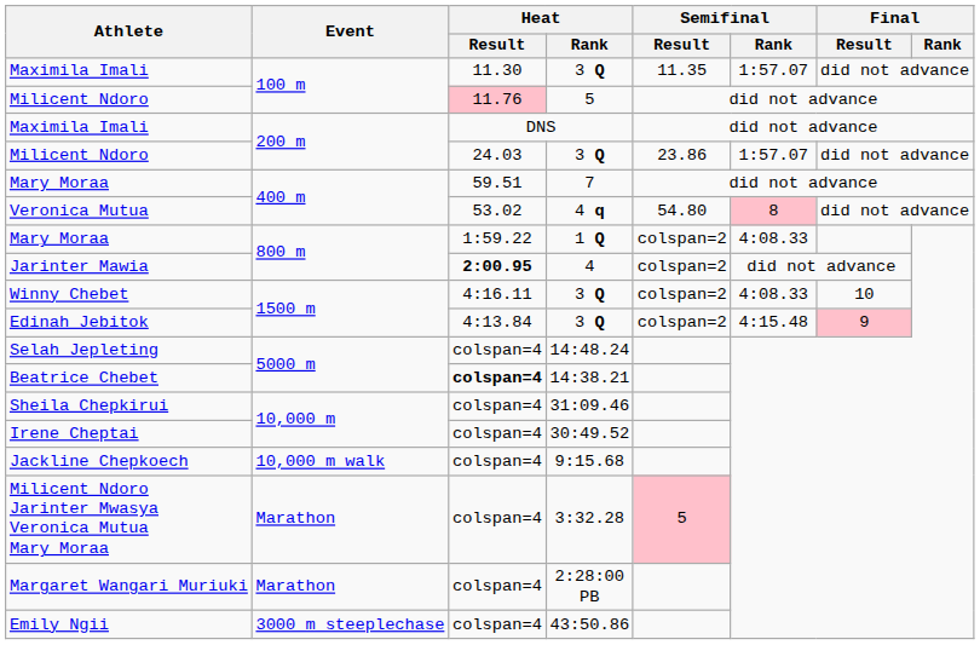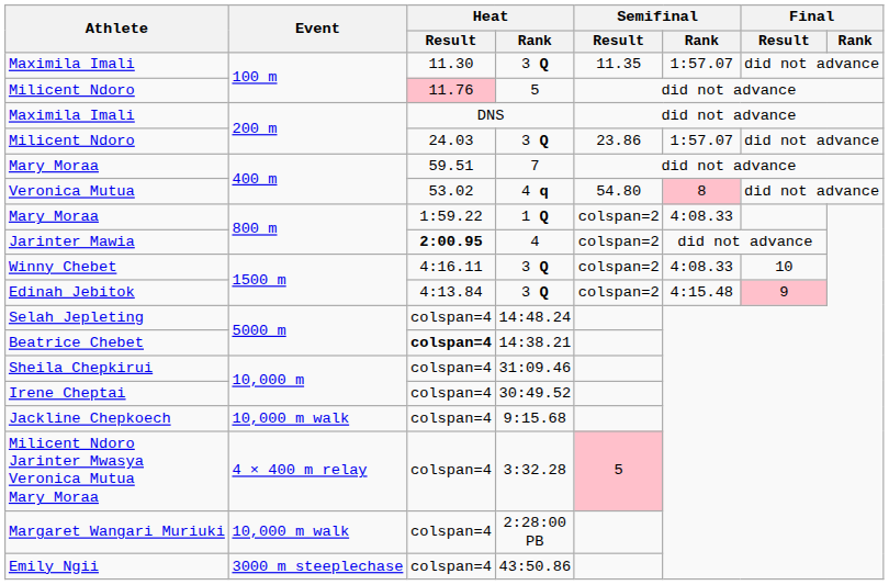 <table class="wikitable" style="font-size:90%; text-align:center">
 <tr>
 <th rowspan=2>Athlete</th>
 <th rowspan=2>Event</th>
 <th colspan=2>Heat</th>
 <th colspan=2>Semifinal</th>
 <th colspan=2>Final</th>
 </tr>
 <tr style="font-size:95%">
 <th>Result</th>
 <th>Rank</th>
 <th>Result</th>
 <th>Rank</th>
 <th>Result</th>
 <th>Rank</th>
 </tr>
 <tr>
 <td align=left><a href='#'>Maximila Imali</a></td>
 <td align=left rowspan=2><a href='#'>100 m</a></td>
 <td>11.30</td>
 <td>3 <strong>Q</strong></td>
 <td>11.35</td>
 <td>1:57.07</td>
 <td colspan=2>did not advance</td>
 </tr>
 <tr>
 <td align=left><a href='#'>Milicent Ndoro</a></td>
 <td style="background: pink;">11.76</td>
 <td>5</td>
 <td colspan=4>did not advance</td>
 </tr>
 <tr>
 <td align=left><a href='#'>Maximila Imali</a></td>
 <td align=left rowspan=2><a href='#'>200 m</a></td>
 <td colspan=2>DNS</td>
 <td colspan=4>did not advance</td>
 </tr>
 <tr>
 <td align=left><a href='#'>Milicent Ndoro</a></td>
 <td>24.03</td>
 <td>3 <strong>Q</strong></td>
 <td>23.86</td>
 <td>1:57.07</td>
 <td colspan=2>did not advance</td>
 </tr>
 <tr>
 <td align=left><a href='#'>Mary Moraa</a></td>
 <td align=left rowspan=2><a href='#'>400 m</a></td>
 <td>59.51</td>
 <td>7</td>
 <td colspan=4>did not advance</td>
 </tr>
 <tr>
 <td align=left><a href='#'>Veronica Mutua</a></td>
 <td>53.02</td>
 <td>4 <strong>q</strong></td>
 <td>54.80</td>
 <td style="background: pink;">8</td>
 <td colspan=2>did not advance</td>
 </tr>
 <tr>
 <td align=left><a href='#'>Mary Moraa</a></td>
 <td align=left rowspan=2><a href='#'>800 m</a></td>
 <td>1:59.22</td>
 <td>1 <strong>Q</strong></td>
 <td>colspan=2 </td>
 <td>4:08.33</td>
 <td></td>
 </tr>
 <tr>
 <td align=left><a href='#'>Jarinter Mawia</a></td>
 <td><strong>2:00.95</strong></td>
 <td>4</td>
 <td>colspan=2 </td>
 <td colspan=2>did not advance</td>
 </tr>
 <tr>
 <td align=left><a href='#'>Winny Chebet</a></td>
 <td align=left rowspan=2><a href='#'>1500 m</a></td>
 <td>4:16.11</td>
 <td>3 <strong>Q</strong></td>
 <td>colspan=2 </td>
 <td>4:08.33</td>
 <td>10</td>
 </tr>
 <tr>
 <td align=left><a href='#'>Edinah Jebitok</a></td>
 <td>4:13.84</td>
 <td>3 <strong>Q</strong></td>
 <td>colspan=2 </td>
 <td>4:15.48</td>
 <td style="background: pink;">9</td>
 </tr>
 <tr>
 <td align=left><a href='#'>Selah Jepleting</a></td>
 <td align=left rowspan=2><a href='#'>5000 m</a></td>
 <td>colspan=4 </td>
 <td>14:48.24</td>
 <td></td>
 </tr>
 <tr>
 <td align=left><a href='#'>Beatrice Chebet</a></td>
 <td><strong>colspan=4 </strong></td>
 <td>14:38.21</td>
 <td></td>
 </tr>
 <tr>
 <td align=left><a href='#'>Sheila Chepkirui</a></td>
 <td align=left rowspan=2><a href='#'>10,000 m</a></td>
 <td>colspan=4 </td>
 <td>31:09.46</td>
 <td></td>
 </tr>
 <tr>
 <td align=left><a href='#'>Irene Cheptai</a></td>
 <td>colspan=4 </td>
 <td>30:49.52</td>
 <td></td>
 </tr>
 <tr>
 <td align=left><a href='#'>Jackline Chepkoech</a></td>
 <td align=left><a href='#'>10,000 m walk</a></td>
 <td>colspan=4 </td>
 <td>9:15.68</td>
 <td></td>
 </tr>
 <tr>
 <td align=left><a href='#'>Milicent Ndoro</a><br><a href='#'>Jarinter Mwasya</a><br><a href='#'>Veronica Mutua</a><br><a href='#'>Mary Moraa</a></td>
-<td align=left><a href='#'>Marathon</a></td>
+<td align=left><a href='#'>4 × 400 m relay</a></td>
 <td>colspan=4 </td>
 <td>3:32.28</td>
 <td style="background: pink;">5</td>
 </tr>
 <tr>
 <td align=left><a href='#'>Margaret Wangari Muriuki</a></td>
-<td align=left><a href='#'>Marathon</a></td>
+<td align=left><a href='#'>10,000 m walk</a></td>
 <td>colspan=4 </td>
 <td>2:28:00<br>PB</td>
 <td></td>
 </tr>
 <tr>
 <td align=left><a href='#'>Emily Ngii</a></td>
 <td align=left><a href='#'>3000 m steeplechase</a></td>
 <td>colspan=4 </td>
 <td>43:50.86</td>
 <td></td>
 </tr>
 </table>
